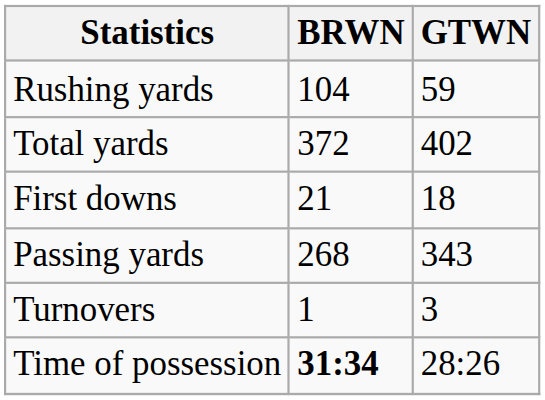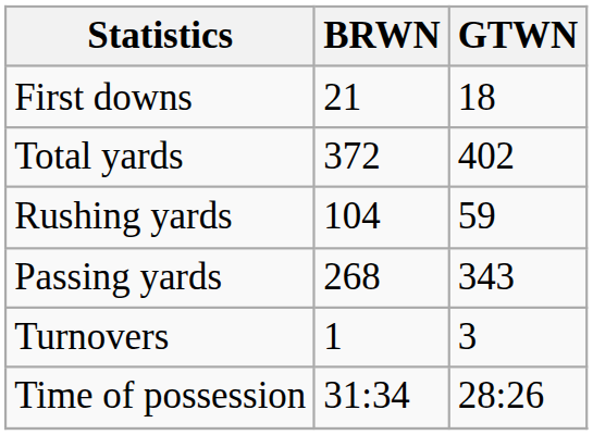 <table class="wikitable" style="float: left;">
 <tr>
 <th>Statistics</th>
 <th>BRWN</th>
 <th>GTWN</th>
 </tr>
 <tr>
-<td>Rushing yards</td>
-<td>104</td>
-<td>59</td>
+<td>First downs</td>
+<td>21</td>
+<td>18</td>
 </tr>
 <tr>
 <td>Total yards</td>
 <td>372</td>
 <td>402</td>
 </tr>
 <tr>
-<td>First downs</td>
-<td>21</td>
-<td>18</td>
+<td>Rushing yards</td>
+<td>104</td>
+<td>59</td>
 </tr>
 <tr>
 <td>Passing yards</td>
 <td>268</td>
 <td>343</td>
 </tr>
 <tr>
 <td>Turnovers</td>
 <td>1</td>
 <td>3</td>
 </tr>
 <tr>
 <td>Time of possession</td>
-<td><strong>31:34</strong></td>
+<td>31:34</td>
 <td>28:26</td>
 </tr>
 <tr>
 </tr>
 </table>
